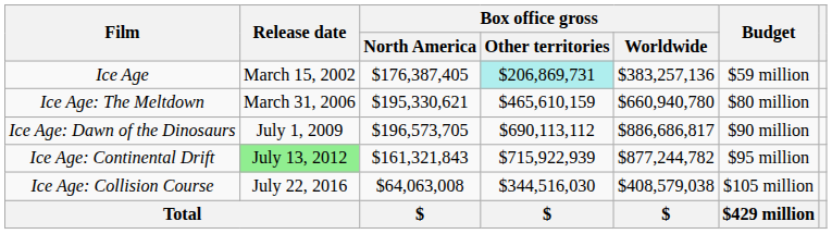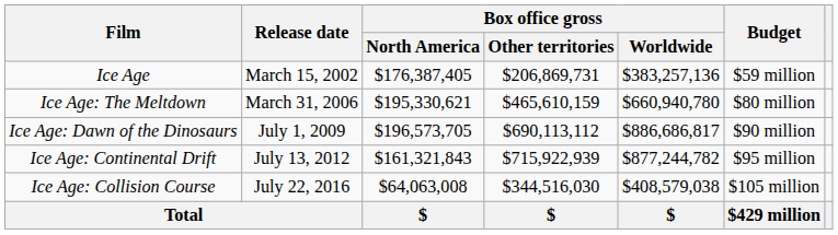 <table class="wikitable sortable" border="1" style="text-align: center;">
 <tr>
 <th rowspan="2">Film</th>
 <th rowspan="2">Release date</th>
 <th colspan="3">Box office gross</th>
 <th rowspan="2">Budget</th>
 <th rowspan="2" class="unsortable"></th>
 </tr>
 <tr>
 <th>North America</th>
 <th>Other territories</th>
 <th>Worldwide</th>
 </tr>
 <tr>
 <td><em>Ice Age</em></td>
 <td>March 15, 2002</td>
 <td>$176,387,405</td>
-<td style="background: paleturquoise;">$206,869,731</td>
+<td>$206,869,731</td>
 <td>$383,257,136</td>
 <td>$59 million</td>
 <td></td>
 </tr>
 <tr>
 <td><em>Ice Age: The Meltdown</em></td>
 <td>March 31, 2006</td>
 <td>$195,330,621</td>
 <td>$465,610,159</td>
 <td>$660,940,780</td>
 <td>$80 million</td>
 <td></td>
 </tr>
 <tr>
 <td><em>Ice Age: Dawn of the Dinosaurs</em></td>
 <td>July 1, 2009</td>
 <td>$196,573,705</td>
 <td>$690,113,112</td>
 <td>$886,686,817</td>
 <td>$90 million</td>
 <td></td>
 </tr>
 <tr>
 <td><em>Ice Age: Continental Drift</em></td>
-<td style="background: lightgreen;">July 13, 2012</td>
+<td>July 13, 2012</td>
 <td>$161,321,843</td>
 <td>$715,922,939</td>
 <td>$877,244,782</td>
 <td>$95 million</td>
 <td></td>
 </tr>
 <tr>
 <td><em>Ice Age: Collision Course</em></td>
 <td>July 22, 2016</td>
 <td>$64,063,008</td>
 <td>$344,516,030</td>
 <td>$408,579,038</td>
 <td>$105 million</td>
 <td></td>
 </tr>
 <tr>
 <th colspan=2>Total</th>
 <th>$</th>
 <th>$</th>
 <th>$</th>
 <th>$429 million</th>
 <th></th>
 </tr>
 </table>
